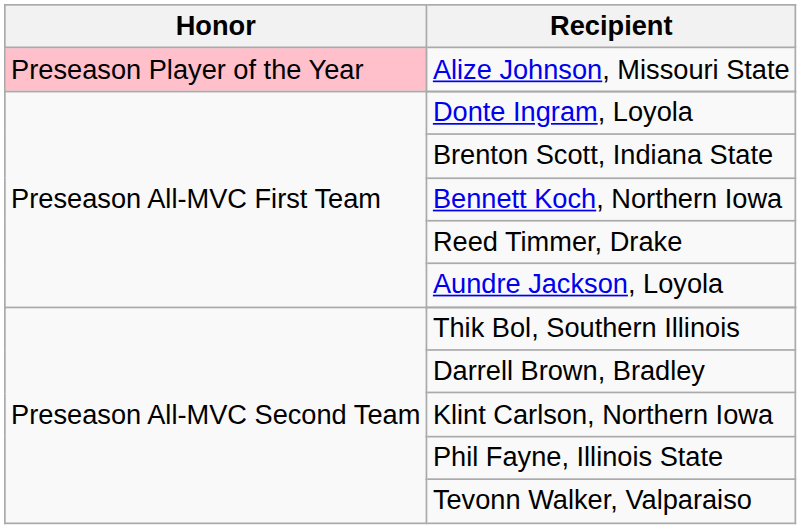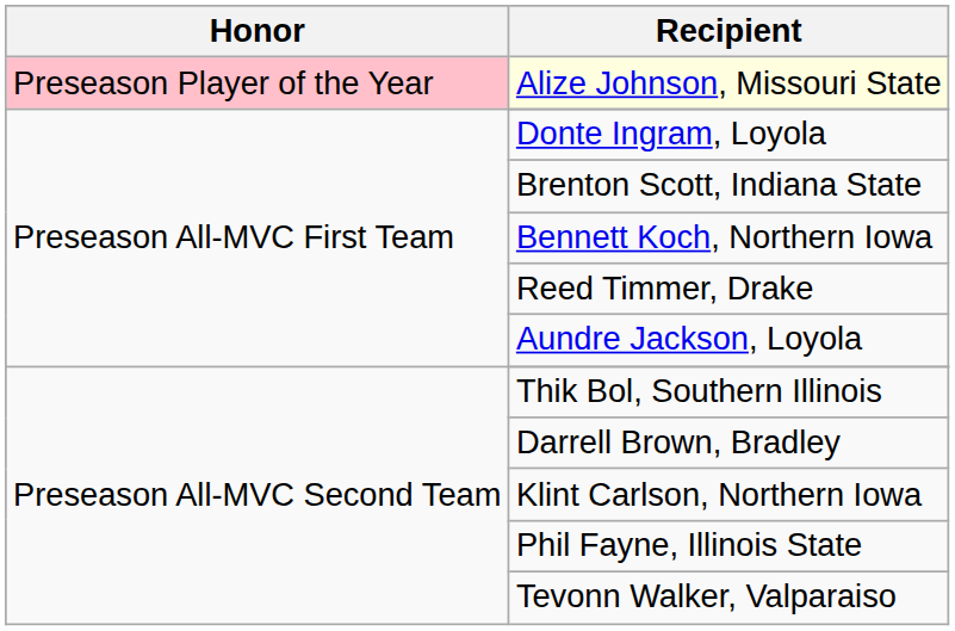 <table class="wikitable" border="1">
 <tr>
 <th>Honor</th>
 <th>Recipient</th>
 </tr>
 <tr>
 <td style="background: pink;">Preseason Player of the Year</td>
-<td><a href='#'>Alize Johnson</a>, Missouri State</td>
+<td style="background: lightyellow;"><a href='#'>Alize Johnson</a>, Missouri State</td>
 </tr>
 <tr>
 <td rowspan="6" valign="middle">Preseason All-MVC First Team</td>
 </tr>
 <tr>
 <td><a href='#'>Donte Ingram</a>, Loyola</td>
 </tr>
 <tr>
 <td>Brenton Scott, Indiana State</td>
 </tr>
 <tr>
 <td><a href='#'>Bennett Koch</a>, Northern Iowa</td>
 </tr>
 <tr>
 <td>Reed Timmer, Drake</td>
 </tr>
 <tr>
 <td><a href='#'>Aundre Jackson</a>, Loyola</td>
 </tr>
 <tr>
 <td rowspan="6" valign="middle">Preseason All-MVC Second Team</td>
 </tr>
 <tr>
 <td>Thik Bol, Southern Illinois</td>
 </tr>
 <tr>
 <td>Darrell Brown, Bradley</td>
 </tr>
 <tr>
 <td>Klint Carlson, Northern Iowa</td>
 </tr>
 <tr>
 <td>Phil Fayne, Illinois State</td>
 </tr>
 <tr>
 <td>Tevonn Walker, Valparaiso</td>
 </tr>
 </table>
